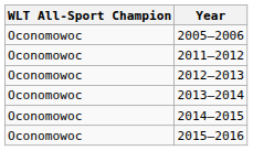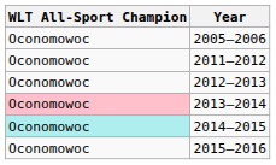 <table class="wikitable">
 <tr>
 <th>WLT All-Sport Champion</th>
 <th>Year</th>
 </tr>
 <tr>
 <td>Oconomowoc</td>
 <td>2005–2006</td>
 </tr>
 <tr>
 <td>Oconomowoc</td>
 <td>2011–2012</td>
 </tr>
 <tr>
 <td>Oconomowoc</td>
 <td>2012–2013</td>
 </tr>
 <tr>
-<td>Oconomowoc</td>
+<td style="background: pink;">Oconomowoc</td>
 <td>2013–2014</td>
 </tr>
 <tr>
-<td>Oconomowoc</td>
+<td style="background: paleturquoise;">Oconomowoc</td>
 <td>2014–2015</td>
 </tr>
 <tr>
 <td>Oconomowoc</td>
 <td>2015–2016</td>
 </tr>
 </table>
